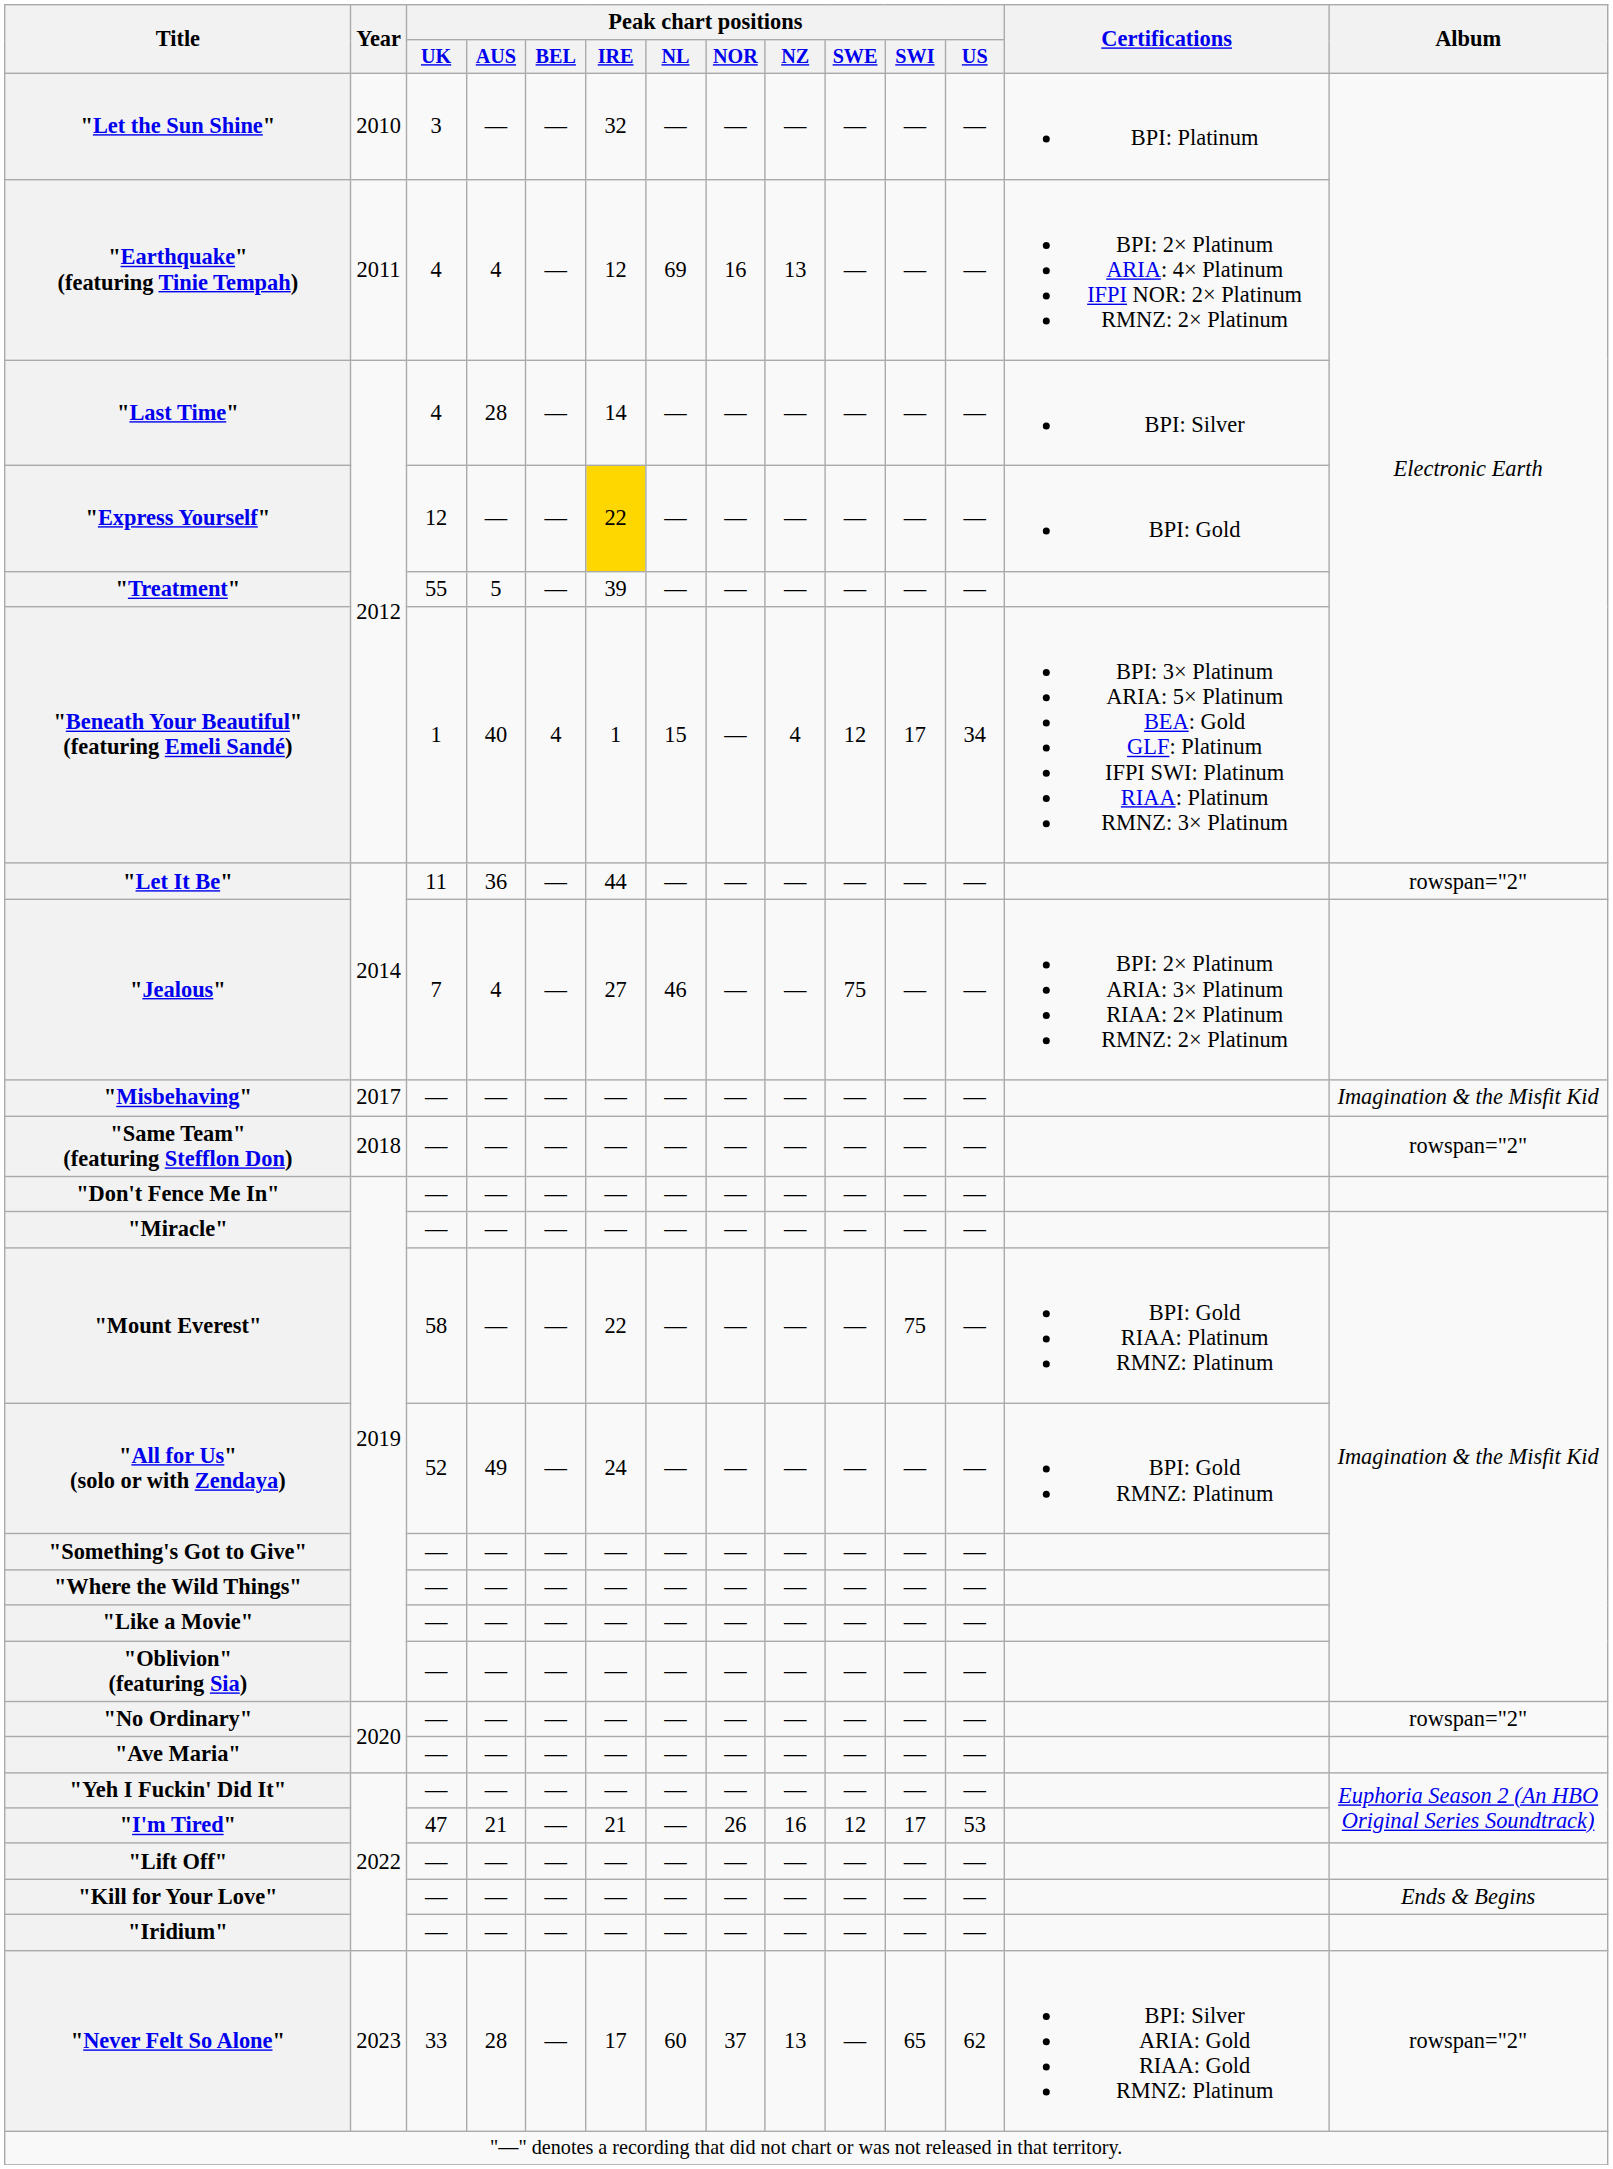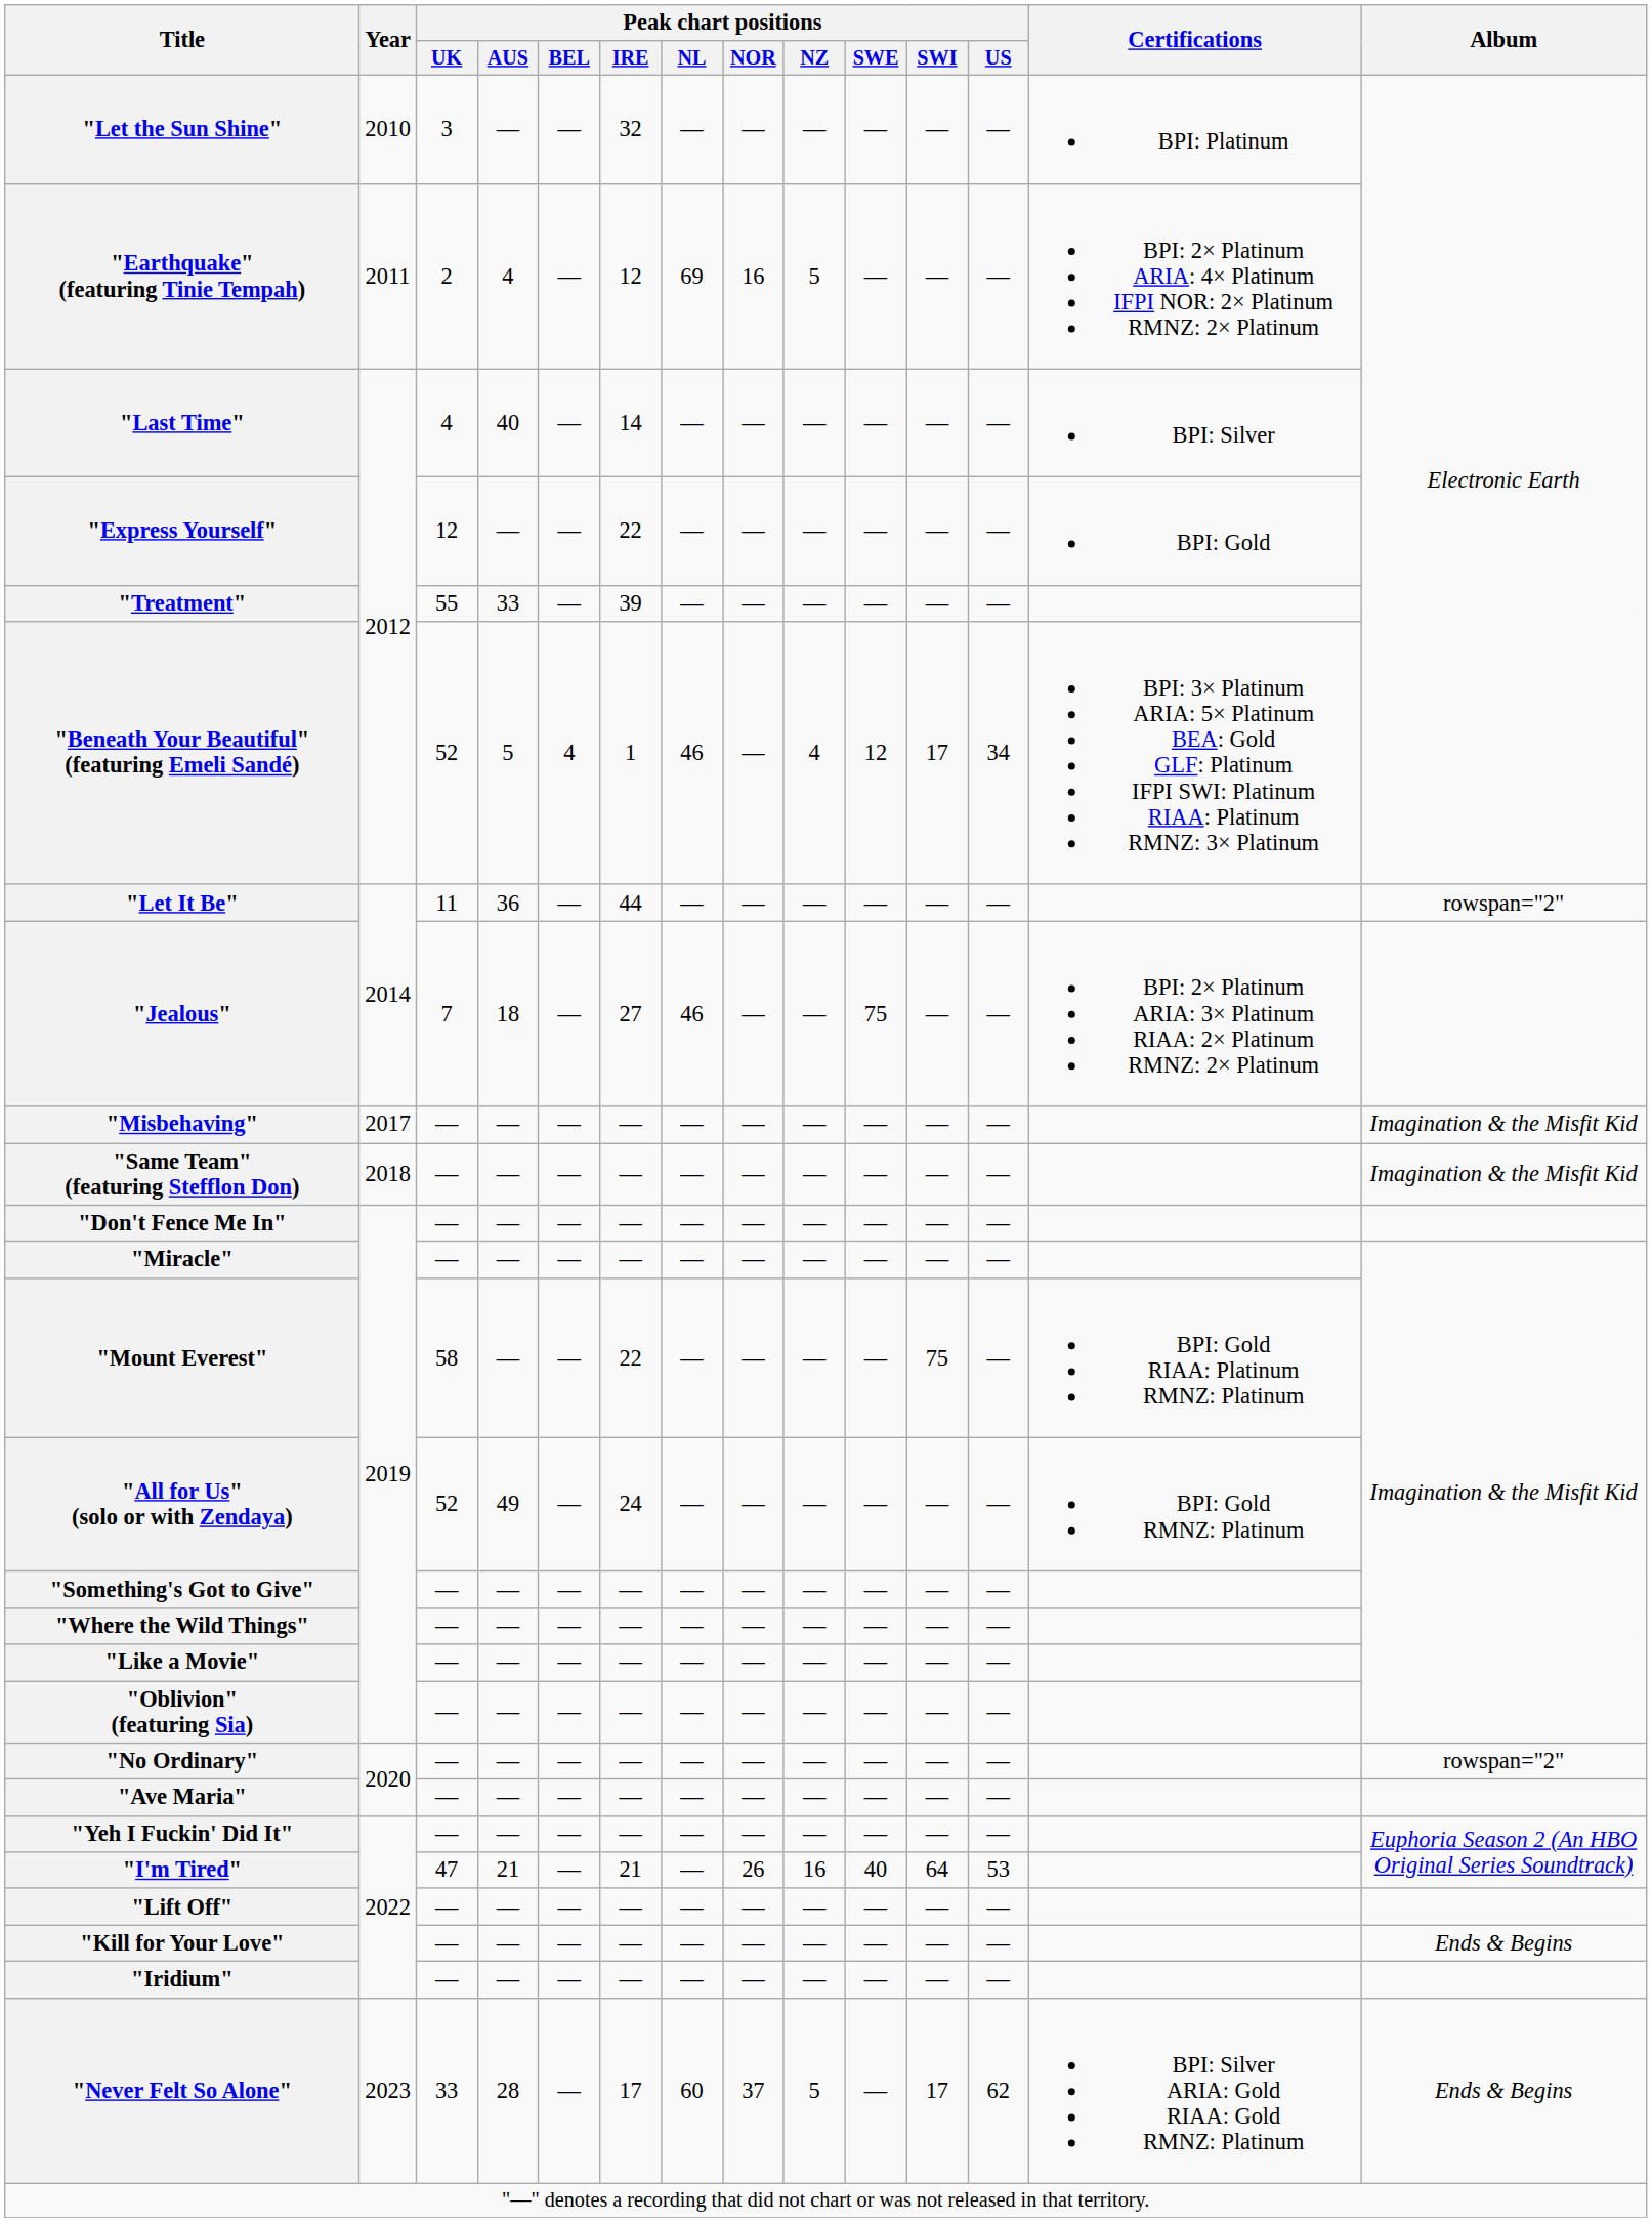 <table class="wikitable plainrowheaders" style="text-align:center;">
 <tr>
 <th scope="col" rowspan="2" style="width:15em;">Title</th>
 <th scope="col" rowspan="2" style="width:1em;">Year</th>
 <th scope="col" colspan="10">Peak chart positions</th>
 <th scope="col" rowspan="2" style="width:14em;"><a href='#'>Certifications</a></th>
 <th scope="col" rowspan="2" style="width:12em;">Album</th>
 </tr>
 <tr>
 <th scope="col" style="width:2.5em;font-size:90%;"><a href='#'>UK</a><br></th>
 <th scope="col" style="width:2.5em;font-size:90%;"><a href='#'>AUS</a><br></th>
 <th scope="col" style="width:2.5em;font-size:90%;"><a href='#'>BEL</a><br></th>
 <th scope="col" style="width:2.5em;font-size:90%;"><a href='#'>IRE</a><br></th>
 <th scope="col" style="width:2.5em;font-size:90%;"><a href='#'>NL</a><br></th>
 <th scope="col" style="width:2.5em;font-size:90%;"><a href='#'>NOR</a><br></th>
 <th scope="col" style="width:2.5em;font-size:90%;"><a href='#'>NZ</a><br></th>
 <th scope="col" style="width:2.5em;font-size:90%;"><a href='#'>SWE</a><br></th>
 <th scope="col" style="width:2.5em;font-size:90%;"><a href='#'>SWI</a><br></th>
 <th scope="col" style="width:2.5em;font-size:90%;"><a href='#'>US</a><br></th>
 </tr>
 <tr>
 <th scope="row">"<a href='#'>Let the Sun Shine</a>"</th>
 <td>2010</td>
 <td>3</td>
 <td>—</td>
 <td>—</td>
 <td>32</td>
 <td>—</td>
 <td>—</td>
 <td>—</td>
 <td>—</td>
 <td>—</td>
 <td>—</td>
 <td><br><ul><li>BPI: Platinum</li></ul></td>
 <td rowspan="6"><em>Electronic Earth</em></td>
 </tr>
 <tr>
 <th scope="row">"<a href='#'>Earthquake</a>"<br><span>(featuring <a href='#'>Tinie Tempah</a>)</span></th>
 <td>2011</td>
-<td>4</td>
+<td>2</td>
 <td>4</td>
 <td>—</td>
 <td>12</td>
 <td>69</td>
 <td>16</td>
-<td>13</td>
+<td>5</td>
 <td>—</td>
 <td>—</td>
 <td>—</td>
 <td><br><ul><li>BPI: 2× Platinum</li><li><a href='#'>ARIA</a>: 4× Platinum</li><li><a href='#'>IFPI</a> NOR: 2× Platinum</li><li>RMNZ: 2× Platinum</li></ul></td>
 </tr>
 <tr>
 <th scope="row">"<a href='#'>Last Time</a>"</th>
 <td rowspan="4">2012</td>
 <td>4</td>
-<td>28</td>
+<td>40</td>
 <td>—</td>
 <td>14</td>
 <td>—</td>
 <td>—</td>
 <td>—</td>
 <td>—</td>
 <td>—</td>
 <td>—</td>
 <td><br><ul><li>BPI: Silver</li></ul></td>
 </tr>
 <tr>
 <th scope="row">"<a href='#'>Express Yourself</a>"</th>
 <td>12</td>
 <td>—</td>
 <td>—</td>
-<td style="background: gold;">22</td>
+<td>22</td>
 <td>—</td>
 <td>—</td>
 <td>—</td>
 <td>—</td>
 <td>—</td>
 <td>—</td>
 <td><br><ul><li>BPI: Gold</li></ul></td>
 </tr>
 <tr>
 <th scope="row">"<a href='#'>Treatment</a>"</th>
 <td>55</td>
-<td>5</td>
+<td>33</td>
 <td>—</td>
 <td>39</td>
 <td>—</td>
 <td>—</td>
 <td>—</td>
 <td>—</td>
 <td>—</td>
 <td>—</td>
 <td></td>
 </tr>
 <tr>
 <th scope="row">"<a href='#'>Beneath Your Beautiful</a>"<br><span>(featuring <a href='#'>Emeli Sandé</a>)</span></th>
-<td>1</td>
-<td>40</td>
+<td>52</td>
+<td>5</td>
 <td>4</td>
 <td>1</td>
-<td>15</td>
+<td>46</td>
 <td>—</td>
 <td>4</td>
 <td>12</td>
 <td>17</td>
 <td>34</td>
 <td><br><ul><li>BPI: 3× Platinum</li><li>ARIA: 5× Platinum</li><li><a href='#'>BEA</a>: Gold</li><li><a href='#'>GLF</a>: Platinum</li><li>IFPI SWI: Platinum</li><li><a href='#'>RIAA</a>: Platinum</li><li>RMNZ: 3× Platinum</li></ul></td>
 </tr>
 <tr>
 <th scope="row">"<a href='#'>Let It Be</a>"</th>
 <td rowspan="2">2014</td>
 <td>11</td>
 <td>36</td>
 <td>—</td>
 <td>44</td>
 <td>—</td>
 <td>—</td>
 <td>—</td>
 <td>—</td>
 <td>—</td>
 <td>—</td>
 <td></td>
 <td>rowspan="2" </td>
 </tr>
 <tr>
 <th scope="row">"<a href='#'>Jealous</a>"</th>
 <td>7</td>
-<td>4</td>
+<td>18</td>
 <td>—</td>
 <td>27</td>
 <td>46</td>
 <td>—</td>
 <td>—</td>
 <td>75</td>
 <td>—</td>
 <td>—</td>
 <td><br><ul><li>BPI: 2× Platinum</li><li>ARIA: 3× Platinum</li><li>RIAA: 2× Platinum</li><li>RMNZ: 2× Platinum</li></ul></td>
 </tr>
 <tr>
 <th scope="row">"<a href='#'>Misbehaving</a>"</th>
 <td>2017</td>
 <td>—</td>
 <td>—</td>
 <td>—</td>
 <td>—</td>
 <td>—</td>
 <td>—</td>
 <td>—</td>
 <td>—</td>
 <td>—</td>
 <td>—</td>
 <td></td>
 <td><em>Imagination & the Misfit Kid</em></td>
 </tr>
 <tr>
 <th scope="row">"Same Team"<br><span>(featuring <a href='#'>Stefflon Don</a>)</span></th>
 <td>2018</td>
 <td>—</td>
 <td>—</td>
 <td>—</td>
 <td>—</td>
 <td>—</td>
 <td>—</td>
 <td>—</td>
 <td>—</td>
 <td>—</td>
 <td>—</td>
 <td></td>
-<td>rowspan="2" </td>
+<td><em>Imagination & the Misfit Kid</em></td>
 </tr>
 <tr>
 <th scope="row">"Don't Fence Me In"</th>
 <td rowspan="8">2019</td>
 <td>—</td>
 <td>—</td>
 <td>—</td>
 <td>—</td>
 <td>—</td>
 <td>—</td>
 <td>—</td>
 <td>—</td>
 <td>—</td>
 <td>—</td>
 <td></td>
 </tr>
 <tr>
 <th scope="row">"Miracle"</th>
 <td>—</td>
 <td>—</td>
 <td>—</td>
 <td>—</td>
 <td>—</td>
 <td>—</td>
 <td>—</td>
 <td>—</td>
 <td>—</td>
 <td>—</td>
 <td></td>
 <td rowspan="7"><em>Imagination & the Misfit Kid</em></td>
 </tr>
 <tr>
 <th scope="row">"Mount Everest"</th>
 <td>58</td>
 <td>—</td>
 <td>—</td>
 <td>22</td>
 <td>—</td>
 <td>—</td>
 <td>—</td>
 <td>—</td>
 <td>75</td>
 <td>—</td>
 <td><br><ul><li>BPI: Gold</li><li>RIAA: Platinum</li><li>RMNZ: Platinum</li></ul></td>
 </tr>
 <tr>
 <th scope="row">"<a href='#'>All for Us</a>"<br><span>(solo or with <a href='#'>Zendaya</a>)</span></th>
 <td>52</td>
 <td>49</td>
 <td>—</td>
 <td>24</td>
 <td>—</td>
 <td>—</td>
 <td>—</td>
 <td>—</td>
 <td>—</td>
 <td>—</td>
 <td><br><ul><li>BPI: Gold</li><li>RMNZ: Platinum</li></ul></td>
 </tr>
 <tr>
 <th scope="row">"Something's Got to Give"</th>
 <td>—</td>
 <td>—</td>
 <td>—</td>
 <td>—</td>
 <td>—</td>
 <td>—</td>
 <td>—</td>
 <td>—</td>
 <td>—</td>
 <td>—</td>
 <td></td>
 </tr>
 <tr>
 <th scope="row">"Where the Wild Things"</th>
 <td>—</td>
 <td>—</td>
 <td>—</td>
 <td>—</td>
 <td>—</td>
 <td>—</td>
 <td>—</td>
 <td>—</td>
 <td>—</td>
 <td>—</td>
 <td></td>
 </tr>
 <tr>
 <th scope="row">"Like a Movie"</th>
 <td>—</td>
 <td>—</td>
 <td>—</td>
 <td>—</td>
 <td>—</td>
 <td>—</td>
 <td>—</td>
 <td>—</td>
 <td>—</td>
 <td>—</td>
 <td></td>
 </tr>
 <tr>
 <th scope="row">"Oblivion"<br><span>(featuring <a href='#'>Sia</a>)</span></th>
 <td>—</td>
 <td>—</td>
 <td>—</td>
 <td>—</td>
 <td>—</td>
 <td>—</td>
 <td>—</td>
 <td>—</td>
 <td>—</td>
 <td>—</td>
 <td></td>
 </tr>
 <tr>
 <th scope="row">"No Ordinary"</th>
 <td rowspan="2">2020</td>
 <td>—</td>
 <td>—</td>
 <td>—</td>
 <td>—</td>
 <td>—</td>
 <td>—</td>
 <td>—</td>
 <td>—</td>
 <td>—</td>
 <td>—</td>
 <td></td>
 <td>rowspan="2" </td>
 </tr>
 <tr>
 <th scope="row">"Ave Maria"</th>
 <td>—</td>
 <td>—</td>
 <td>—</td>
 <td>—</td>
 <td>—</td>
 <td>—</td>
 <td>—</td>
 <td>—</td>
 <td>—</td>
 <td>—</td>
 <td></td>
 </tr>
 <tr>
 <th scope="row">"Yeh I Fuckin' Did It"</th>
 <td rowspan="5">2022</td>
 <td>—</td>
 <td>—</td>
 <td>—</td>
 <td>—</td>
 <td>—</td>
 <td>—</td>
 <td>—</td>
 <td>—</td>
 <td>—</td>
 <td>—</td>
 <td></td>
 <td rowspan="2"><em><a href='#'>Euphoria Season 2 (An HBO Original Series Soundtrack)</a></em></td>
 </tr>
 <tr>
 <th scope="row">"<a href='#'>I'm Tired</a>"<br></th>
 <td>47</td>
 <td>21</td>
 <td>—</td>
 <td>21</td>
 <td>—</td>
 <td>26</td>
 <td>16</td>
-<td>12</td>
-<td>17</td>
+<td>40</td>
+<td>64</td>
 <td>53</td>
 <td></td>
 </tr>
 <tr>
 <th scope="row">"Lift Off"</th>
 <td>—</td>
 <td>—</td>
 <td>—</td>
 <td>—</td>
 <td>—</td>
 <td>—</td>
 <td>—</td>
 <td>—</td>
 <td>—</td>
 <td>—</td>
 <td></td>
 <td></td>
 </tr>
 <tr>
 <th scope="row">"Kill for Your Love"</th>
 <td>—</td>
 <td>—</td>
 <td>—</td>
 <td>—</td>
 <td>—</td>
 <td>—</td>
 <td>—</td>
 <td>—</td>
 <td>—</td>
 <td>—</td>
 <td></td>
 <td><em>Ends & Begins</em></td>
 </tr>
 <tr>
 <th scope="row">"Iridium"</th>
 <td>—</td>
 <td>—</td>
 <td>—</td>
 <td>—</td>
 <td>—</td>
 <td>—</td>
 <td>—</td>
 <td>—</td>
 <td>—</td>
 <td>—</td>
 <td></td>
 <td></td>
 </tr>
 <tr>
 <th scope="row">"<a href='#'>Never Felt So Alone</a>"</th>
 <td>2023</td>
 <td>33</td>
 <td>28</td>
 <td>—</td>
 <td>17</td>
 <td>60</td>
 <td>37</td>
-<td>13</td>
+<td>5</td>
 <td>—</td>
-<td>65</td>
+<td>17</td>
 <td>62</td>
 <td><br><ul><li>BPI: Silver</li><li>ARIA: Gold</li><li>RIAA: Gold</li><li>RMNZ: Platinum</li></ul></td>
-<td>rowspan="2" </td>
+<td><em>Ends & Begins</em></td>
 </tr>
 <tr>
 <td colspan="14" style="font-size:90%">"—" denotes a recording that did not chart or was not released in that territory.</td>
 </tr>
 </table>
